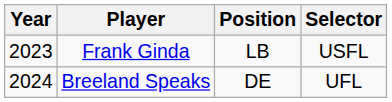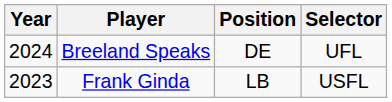 <table class="wikitable plainrowheaders" style="text-align:center">
 <tr>
 <th scope="col">Year</th>
 <th scope="col">Player</th>
 <th scope="col">Position</th>
 <th scope="col">Selector</th>
 </tr>
 <tr>
+<td>2024</td>
+<td><a href='#'>Breeland Speaks</a></td>
+<td>DE</td>
+<td>UFL</td>
+</tr>
+<tr>
 <td>2023</td>
 <td scope="row"><a href='#'>Frank Ginda</a></td>
 <td>LB</td>
 <td>USFL</td>
 </tr>
-<tr>
-<td>2024</td>
-<td><a href='#'>Breeland Speaks</a></td>
-<td>DE</td>
-<td>UFL</td>
-</tr>
 </table>
